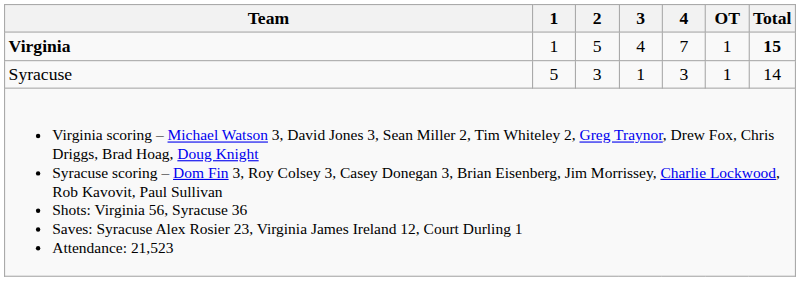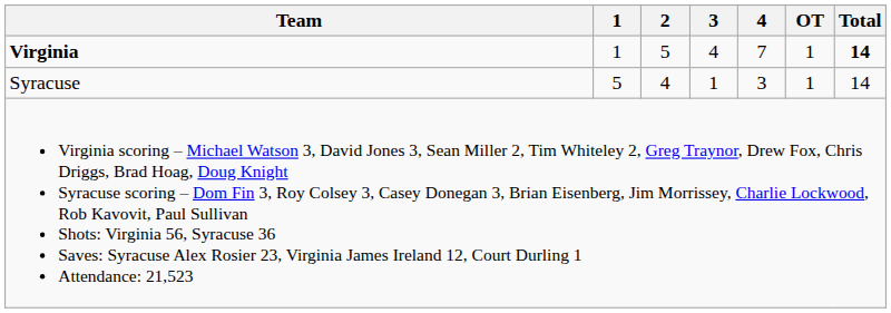 <table class="wikitable" style="text-align:center; max-width:45em">
 <tr>
 <th>Team</th>
 <th style="width:2em">1</th>
 <th style="width:2em">2</th>
 <th style="width:2em">3</th>
 <th style="width:2em">4</th>
 <th style="width:2em">OT</th>
 <th style="width:2em">Total</th>
 </tr>
 <tr>
 <td style="text-align:left"><strong>Virginia</strong></td>
 <td>1</td>
 <td>5</td>
 <td>4</td>
 <td>7</td>
 <td>1</td>
-<td><strong>15</strong></td>
+<td><strong>14</strong></td>
 </tr>
 <tr>
 <td style="text-align:left">Syracuse</td>
 <td>5</td>
-<td>3</td>
+<td>4</td>
 <td>1</td>
 <td>3</td>
 <td>1</td>
 <td>14</td>
 </tr>
 <tr>
 <td colspan=8 style="text-align:left; font-size:88%;"><br><ul><li>Virginia scoring – <a href='#'>Michael Watson</a> 3, David Jones 3, Sean Miller 2, Tim Whiteley 2, <a href='#'>Greg Traynor</a>, Drew Fox, Chris Driggs, Brad Hoag, <a href='#'>Doug Knight</a></li><li>Syracuse scoring – <a href='#'>Dom Fin</a> 3, Roy Colsey 3, Casey Donegan 3, Brian Eisenberg, Jim Morrissey, <a href='#'>Charlie Lockwood</a>, Rob Kavovit, Paul Sullivan</li><li>Shots: Virginia 56, Syracuse 36</li><li>Saves: Syracuse Alex Rosier 23, Virginia James Ireland 12, Court Durling 1</li><li>Attendance: 21,523</li></ul></td>
 </tr>
 </table>
